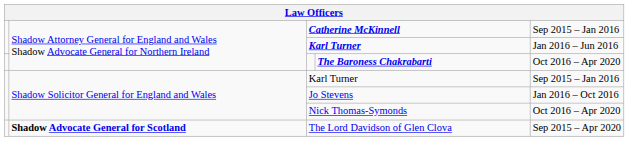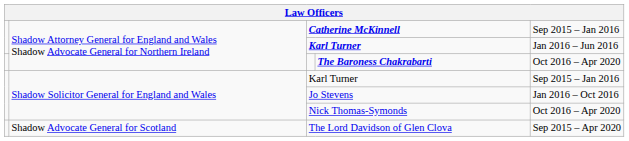 <table class="wikitable">
 <tr>
 <th colspan="5"><a href='#'>Law Officers</a></th>
 </tr>
 <tr>
 <td rowspan="2" style="background: "></td>
 <td rowspan="3" style="width: 450px;"><a href='#'>Shadow Attorney General for England and Wales</a><br>Shadow <a href='#'>Advocate General for Northern Ireland</a></td>
 <td colspan="2" style="width: 337px;"><strong><em><a href='#'>Catherine McKinnell</a></em></strong></td>
 <td>Sep 2015 – Jan 2016</td>
 </tr>
 <tr>
 <td colspan="2"><strong><a href='#'><em>Karl Turner</em></a></strong></td>
 <td>Jan 2016 – Jun 2016</td>
 </tr>
 <tr>
 <td style="background: "></td>
 <td style="background: "></td>
 <td><strong><a href='#'><em>The</em> <em>Baroness Chakrabarti</em></a></strong></td>
 <td>Oct 2016 – Apr 2020</td>
 </tr>
 <tr>
 <td rowspan="3" style="background: "></td>
 <td rowspan="3"><a href='#'>Shadow Solicitor General for England and Wales</a></td>
 <td colspan="2">Karl Turner</td>
 <td>Sep 2015 – Jan 2016</td>
 </tr>
 <tr>
 <td colspan="2"><a href='#'>Jo Stevens</a></td>
 <td>Jan 2016 – Oct 2016</td>
 </tr>
 <tr>
 <td colspan="2"><a href='#'>Nick Thomas-Symonds</a></td>
 <td>Oct 2016 – Apr 2020</td>
 </tr>
 <tr>
 <td rowspan="1" style="background: "></td>
-<td rowspan="1"><strong>Shadow <a href='#'>Advocate General for Scotland</a></strong></td>
+<td rowspan="1">Shadow <a href='#'>Advocate General for Scotland</a></td>
 <td colspan="2"><a href='#'>The Lord Davidson of Glen Clova</a></td>
 <td>Sep 2015 – Apr 2020</td>
 </tr>
 </table>
